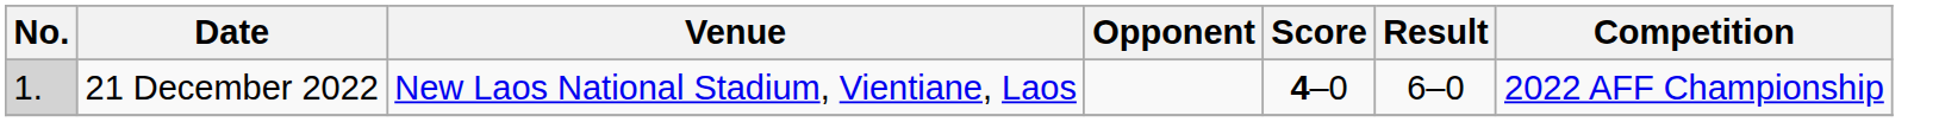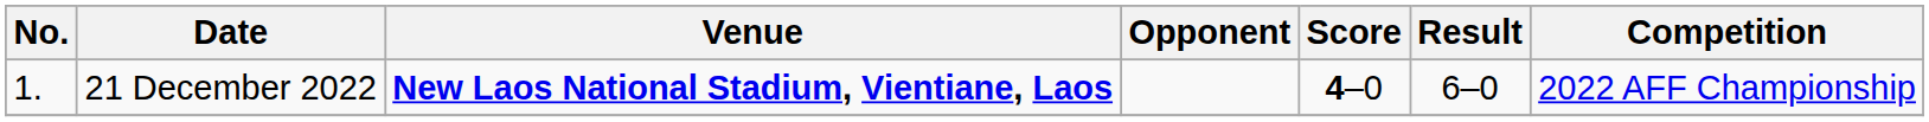 <table class="wikitable">
 <tr>
 <th>No.</th>
 <th>Date</th>
 <th>Venue</th>
 <th>Opponent</th>
 <th>Score</th>
 <th>Result</th>
 <th>Competition</th>
 </tr>
 <tr>
-<td style="background: lightgrey;">1.</td>
+<td>1.</td>
 <td>21 December 2022</td>
-<td><a href='#'>New Laos National Stadium</a>, <a href='#'>Vientiane</a>, <a href='#'>Laos</a></td>
+<td><strong><a href='#'>New Laos National Stadium</a>, <a href='#'>Vientiane</a>, <a href='#'>Laos</a></strong></td>
 <td></td>
 <td align=center><strong>4</strong>–0</td>
 <td align=center>6–0</td>
 <td><a href='#'>2022 AFF Championship</a></td>
 </tr>
 <tr>
 </tr>
 </table>
